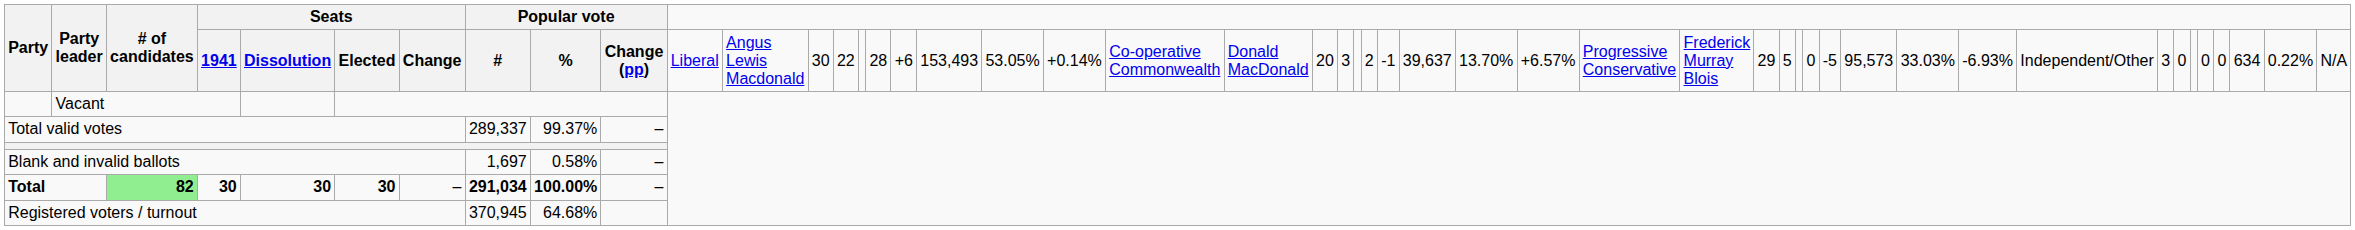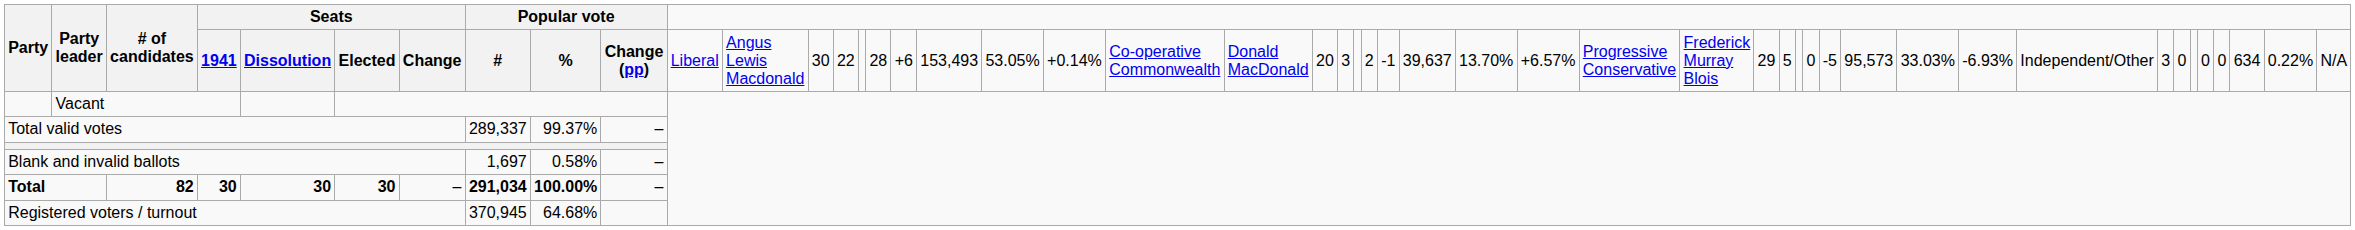 <table class="wikitable">
 <tr>
 <th rowspan="2" colspan="2">Party</th>
 <th rowspan="2">Party leader</th>
 <th rowspan="2"># of<br>candidates</th>
 <th colspan="4">Seats</th>
 <th colspan="3">Popular vote</th>
 </tr>
 <tr>
 <th><a href='#'>1941</a></th>
 <th><span><a href='#'>Dissolution</a></span></th>
 <th>Elected</th>
 <th>Change</th>
 <th>#</th>
 <th>%</th>
 <th>Change (<a href='#'>pp</a>)<br></th>
 <td><a href='#'>Liberal</a></td>
 <td><a href='#'>Angus Lewis Macdonald</a></td>
 <td align="right">30</td>
 <td align="right">22</td>
 <td align="right"></td>
 <td align="right">28</td>
 <td align="right">+6</td>
 <td align="right">153,493</td>
 <td align="right">53.05%</td>
 <td align="right">+0.14%<br></td>
 <td><a href='#'>Co-operative Commonwealth</a></td>
 <td><a href='#'>Donald MacDonald</a></td>
 <td align="right">20</td>
 <td align="right">3</td>
 <td align="right"></td>
 <td align="right">2</td>
 <td align="right">-1</td>
 <td align="right">39,637</td>
 <td align="right">13.70%</td>
 <td align="right">+6.57%<br></td>
 <td><a href='#'>Progressive Conservative</a></td>
 <td><a href='#'>Frederick Murray Blois</a></td>
 <td align="right">29</td>
 <td align="right">5</td>
 <td align="right"></td>
 <td align="right">0</td>
 <td align="right">-5</td>
 <td align="right">95,573</td>
 <td align="right">33.03%</td>
 <td align="right">-6.93%<br></td>
 <td colspan=2>Independent/Other</td>
 <td align="right">3</td>
 <td align="right">0</td>
 <td align="right"></td>
 <td align="right">0</td>
 <td align="right">0</td>
 <td align="right">634</td>
 <td align="right">0.22%</td>
 <td align="right">N/A</td>
 </tr>
 <tr>
 <td> </td>
 <td colspan=4>Vacant</td>
 <td align="right"></td>
 <td colspan=5> </td>
 </tr>
 <tr>
 <td colspan="8">Total valid votes</td>
 <td align="right">289,337</td>
 <td align="right">99.37%</td>
 <td align="right">–</td>
 </tr>
 <tr>
 <th colspan="11"></th>
 </tr>
 <tr>
 <td colspan="8">Blank and invalid ballots</td>
 <td align="right">1,697</td>
 <td align="right">0.58%</td>
 <td align="right">–</td>
 </tr>
 <tr>
 <td colspan=3><strong>Total</strong></td>
-<td align="right" style="background: lightgreen;"><strong>82</strong></td>
+<td align="right"><strong>82</strong></td>
 <td align="right"><strong>30</strong></td>
 <td align="right"><strong>30</strong></td>
 <td align="right"><strong>30</strong></td>
 <td align="right">–</td>
 <td align="right"><strong>291,034</strong></td>
 <td align="right"><strong>100.00%</strong></td>
 <td align="right">–</td>
 </tr>
 <tr>
 <td colspan="8">Registered voters / turnout</td>
 <td align="right">370,945</td>
 <td align="right">64.68%</td>
 <td align="right"></td>
 </tr>
 </table>
